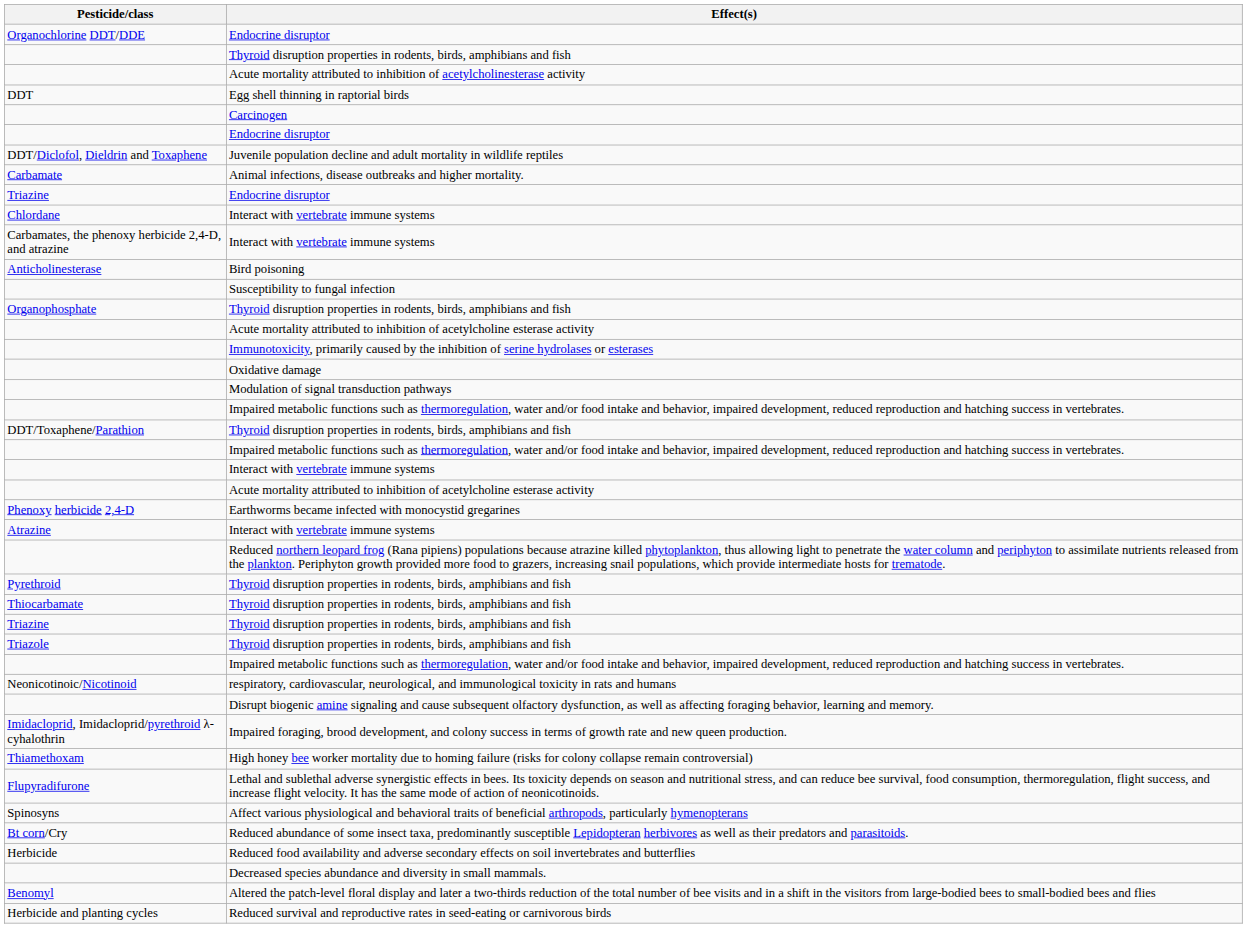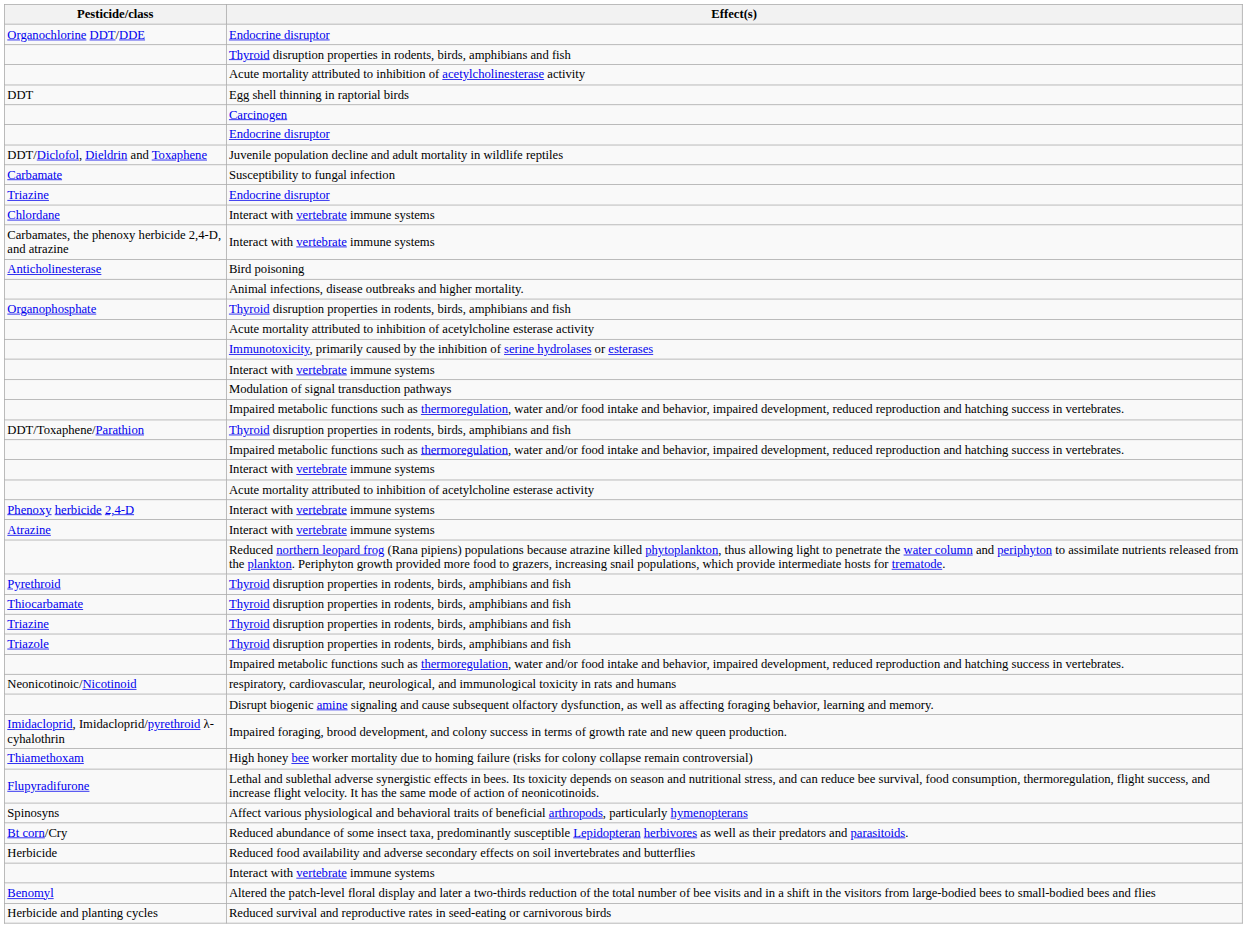 <table class="wikitable">
 <tr>
 <th>Pesticide/class</th>
 <th>Effect(s)</th>
 </tr>
 <tr>
 <td><a href='#'>Organochlorine</a> <a href='#'>DDT</a>/<a href='#'>DDE</a></td>
 <td><a href='#'>Endocrine disruptor</a></td>
 </tr>
 <tr>
 <td></td>
 <td><a href='#'>Thyroid</a> disruption properties in rodents, birds, amphibians and fish</td>
 </tr>
 <tr>
 <td></td>
 <td>Acute mortality attributed to inhibition of <a href='#'>acetylcholinesterase</a> activity</td>
 </tr>
 <tr>
 <td>DDT</td>
 <td>Egg shell thinning in raptorial birds</td>
 </tr>
 <tr>
 <td></td>
 <td><a href='#'>Carcinogen</a></td>
 </tr>
 <tr>
 <td></td>
 <td><a href='#'>Endocrine disruptor</a></td>
 </tr>
 <tr>
 <td>DDT/<a href='#'>Diclofol</a>, <a href='#'>Dieldrin</a> and <a href='#'>Toxaphene</a></td>
 <td>Juvenile population decline and adult mortality in wildlife reptiles</td>
 </tr>
 <tr>
 <td><a href='#'>Carbamate</a></td>
-<td>Animal infections, disease outbreaks and higher mortality.</td>
+<td>Susceptibility to fungal infection</td>
 </tr>
 <tr>
 <td><a href='#'>Triazine</a></td>
 <td><a href='#'>Endocrine disruptor</a></td>
 </tr>
 <tr>
 <td><a href='#'>Chlordane</a></td>
 <td>Interact with <a href='#'>vertebrate</a> immune systems</td>
 </tr>
 <tr>
 <td>Carbamates, the phenoxy herbicide 2,4-D, and atrazine</td>
 <td>Interact with <a href='#'>vertebrate</a> immune systems</td>
 </tr>
 <tr>
 <td><a href='#'>Anticholinesterase</a></td>
 <td>Bird poisoning</td>
 </tr>
 <tr>
 <td></td>
-<td>Susceptibility to fungal infection</td>
+<td>Animal infections, disease outbreaks and higher mortality.</td>
 </tr>
 <tr>
 <td><a href='#'>Organophosphate</a></td>
 <td><a href='#'>Thyroid</a> disruption properties in rodents, birds, amphibians and fish</td>
 </tr>
 <tr>
 <td></td>
 <td>Acute mortality attributed to inhibition of acetylcholine esterase activity</td>
 </tr>
 <tr>
 <td></td>
 <td><a href='#'>Immunotoxicity</a>, primarily caused by the inhibition of <a href='#'>serine hydrolases</a> or <a href='#'>esterases</a></td>
 </tr>
 <tr>
 <td></td>
-<td>Oxidative damage</td>
+<td>Interact with <a href='#'>vertebrate</a> immune systems</td>
 </tr>
 <tr>
 <td></td>
 <td>Modulation of signal transduction pathways</td>
 </tr>
 <tr>
 <td></td>
 <td>Impaired metabolic functions such as <a href='#'>thermoregulation</a>, water and/or food intake and behavior, impaired development, reduced reproduction and hatching success in vertebrates.</td>
 </tr>
 <tr>
 <td>DDT/Toxaphene/<a href='#'>Parathion</a></td>
 <td><a href='#'>Thyroid</a> disruption properties in rodents, birds, amphibians and fish</td>
 </tr>
 <tr>
 <td></td>
 <td>Impaired metabolic functions such as <a href='#'>thermoregulation</a>, water and/or food intake and behavior, impaired development, reduced reproduction and hatching success in vertebrates.</td>
 </tr>
 <tr>
 <td></td>
 <td>Interact with <a href='#'>vertebrate</a> immune systems</td>
 </tr>
 <tr>
 <td></td>
 <td>Acute mortality attributed to inhibition of acetylcholine esterase activity</td>
 </tr>
 <tr>
 <td><a href='#'>Phenoxy</a> <a href='#'>herbicide</a> <a href='#'>2,4-D</a></td>
-<td>Earthworms became infected with monocystid gregarines</td>
+<td>Interact with <a href='#'>vertebrate</a> immune systems</td>
 </tr>
 <tr>
 <td><a href='#'>Atrazine</a></td>
 <td>Interact with <a href='#'>vertebrate</a> immune systems</td>
 </tr>
 <tr>
 <td></td>
 <td>Reduced <a href='#'>northern leopard frog</a> (Rana pipiens) populations because atrazine killed <a href='#'>phytoplankton</a>, thus allowing light to penetrate the <a href='#'>water column</a> and <a href='#'>periphyton</a> to assimilate nutrients released from the <a href='#'>plankton</a>. Periphyton growth provided more food to grazers, increasing snail populations, which provide intermediate hosts for <a href='#'>trematode</a>.</td>
 </tr>
 <tr>
 <td><a href='#'>Pyrethroid</a></td>
 <td><a href='#'>Thyroid</a> disruption properties in rodents, birds, amphibians and fish</td>
 </tr>
 <tr>
 <td><a href='#'>Thiocarbamate</a></td>
 <td><a href='#'>Thyroid</a> disruption properties in rodents, birds, amphibians and fish</td>
 </tr>
 <tr>
 <td><a href='#'>Triazine</a></td>
 <td><a href='#'>Thyroid</a> disruption properties in rodents, birds, amphibians and fish</td>
 </tr>
 <tr>
 <td><a href='#'>Triazole</a></td>
 <td><a href='#'>Thyroid</a> disruption properties in rodents, birds, amphibians and fish</td>
 </tr>
 <tr>
 <td></td>
 <td>Impaired metabolic functions such as <a href='#'>thermoregulation</a>, water and/or food intake and behavior, impaired development, reduced reproduction and hatching success in vertebrates.</td>
 </tr>
 <tr>
 <td>Neonicotinoic/<a href='#'>Nicotinoid</a></td>
 <td>respiratory, cardiovascular, neurological, and immunological toxicity in rats and humans</td>
 </tr>
 <tr>
 <td></td>
 <td>Disrupt biogenic <a href='#'>amine</a> signaling and cause subsequent olfactory dysfunction, as well as affecting foraging behavior, learning and memory.</td>
 </tr>
 <tr>
 <td><a href='#'>Imidacloprid</a>, Imidacloprid/<a href='#'>pyrethroid</a> λ-cyhalothrin</td>
 <td>Impaired foraging, brood development, and colony success in terms of growth rate and new queen production.</td>
 </tr>
 <tr>
 <td><a href='#'>Thiamethoxam</a></td>
 <td>High honey <a href='#'>bee</a> worker mortality due to homing failure (risks for colony collapse remain controversial)</td>
 </tr>
 <tr>
 <td><a href='#'>Flupyradifurone</a></td>
 <td>Lethal and sublethal adverse synergistic effects in bees. Its toxicity depends on season and nutritional stress, and can reduce bee survival, food consumption, thermoregulation, flight success, and increase flight velocity. It has the same mode of action of neonicotinoids.</td>
 </tr>
 <tr>
 <td>Spinosyns</td>
 <td>Affect various physiological and behavioral traits of beneficial <a href='#'>arthropods</a>, particularly <a href='#'>hymenopterans</a></td>
 </tr>
 <tr>
 <td><a href='#'>Bt corn</a>/Cry</td>
 <td>Reduced abundance of some insect taxa, predominantly susceptible <a href='#'>Lepidopteran</a> <a href='#'>herbivores</a> as well as their predators and <a href='#'>parasitoids</a>.</td>
 </tr>
 <tr>
 <td>Herbicide</td>
 <td>Reduced food availability and adverse secondary effects on soil invertebrates and butterflies</td>
 </tr>
 <tr>
 <td></td>
-<td>Decreased species abundance and diversity in small mammals.</td>
+<td>Interact with <a href='#'>vertebrate</a> immune systems</td>
 </tr>
 <tr>
 <td><a href='#'>Benomyl</a></td>
 <td>Altered the patch-level floral display and later a two-thirds reduction of the total number of bee visits and in a shift in the visitors from large-bodied bees to small-bodied bees and flies</td>
 </tr>
 <tr>
 <td>Herbicide and planting cycles</td>
 <td>Reduced survival and reproductive rates in seed-eating or carnivorous birds</td>
 </tr>
 </table>
